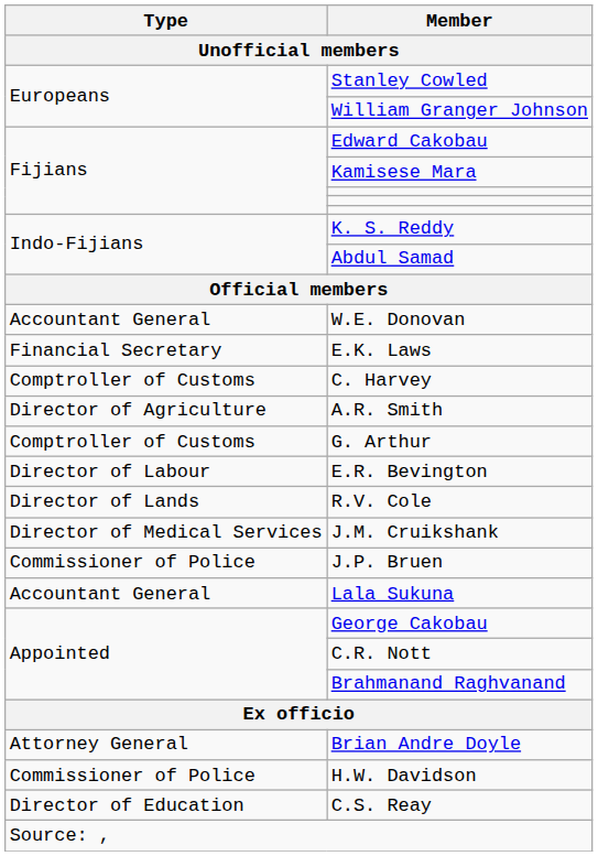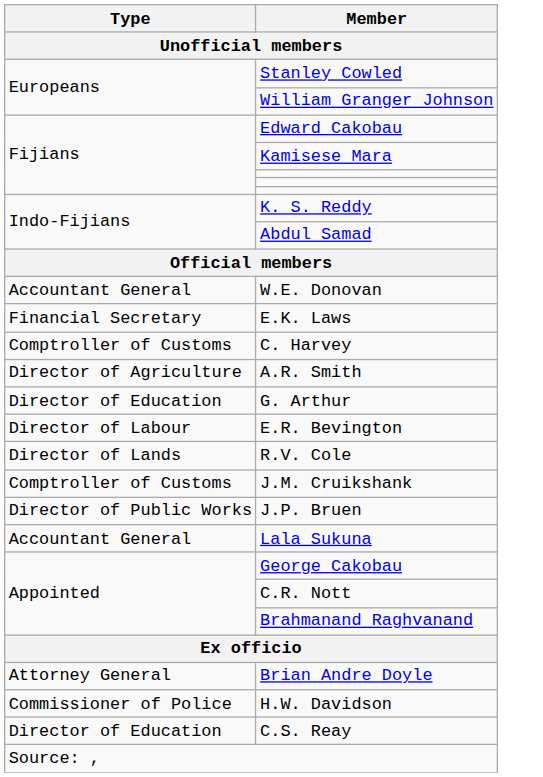 <table class=wikitable>
 <tr>
 <th>Type</th>
 <th>Member</th>
 </tr>
 <tr>
 <th colspan=2>Unofficial members</th>
 </tr>
 <tr>
 <td rowspan=2>Europeans</td>
 <td><a href='#'>Stanley Cowled</a></td>
 </tr>
 <tr>
 <td><a href='#'>William Granger Johnson</a></td>
 </tr>
 <tr>
 <td rowspan=5>Fijians</td>
 <td><a href='#'>Edward Cakobau</a></td>
 </tr>
 <tr>
 <td><a href='#'>Kamisese Mara</a></td>
 </tr>
 <tr>
 <td></td>
 </tr>
 <tr>
 <td></td>
 </tr>
 <tr>
 <td></td>
 </tr>
 <tr>
 <td rowspan=2>Indo-Fijians</td>
 <td><a href='#'>K. S. Reddy</a></td>
 </tr>
 <tr>
 <td><a href='#'>Abdul Samad</a></td>
 </tr>
 <tr>
 <th colspan=2>Official members</th>
 </tr>
 <tr>
 <td>Accountant General</td>
 <td>W.E. Donovan</td>
 </tr>
 <tr>
 <td>Financial Secretary</td>
 <td>E.K. Laws</td>
 </tr>
 <tr>
 <td>Comptroller of Customs</td>
 <td>C. Harvey</td>
 </tr>
 <tr>
 <td>Director of Agriculture</td>
 <td>A.R. Smith</td>
 </tr>
 <tr>
-<td>Comptroller of Customs</td>
+<td>Director of Education</td>
 <td>G. Arthur</td>
 </tr>
 <tr>
 <td>Director of Labour</td>
 <td>E.R. Bevington</td>
 </tr>
 <tr>
 <td>Director of Lands</td>
 <td>R.V. Cole</td>
 </tr>
 <tr>
-<td>Director of Medical Services</td>
+<td>Comptroller of Customs</td>
 <td>J.M. Cruikshank</td>
 </tr>
 <tr>
-<td>Commissioner of Police</td>
+<td>Director of Public Works</td>
 <td>J.P. Bruen</td>
 </tr>
 <tr>
 <td>Accountant General</td>
 <td><a href='#'>Lala Sukuna</a></td>
 </tr>
 <tr>
 <td rowspan=3>Appointed</td>
 <td><a href='#'>George Cakobau</a></td>
 </tr>
 <tr>
 <td>C.R. Nott</td>
 </tr>
 <tr>
 <td><a href='#'>Brahmanand Raghvanand</a></td>
 </tr>
 <tr>
 <th colspan=2>Ex officio</th>
 </tr>
 <tr>
 <td>Attorney General</td>
 <td><a href='#'>Brian Andre Doyle</a></td>
 </tr>
 <tr>
 <td>Commissioner of Police</td>
 <td>H.W. Davidson</td>
 </tr>
 <tr>
 <td>Director of Education</td>
 <td>C.S. Reay</td>
 </tr>
 <tr>
 <td colspan=2>Source: , </td>
 </tr>
 </table>
